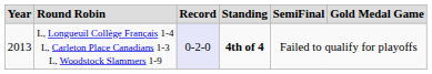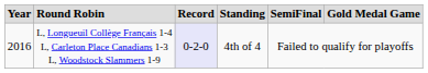 <table class="wikitable">
 <tr style="font-weight:bold; background-color:#dddddd;" |>
 <td>Year</td>
 <td>Round Robin</td>
 <td>Record</td>
 <td>Standing</td>
 <td>SemiFinal</td>
 <td>Gold Medal Game</td>
 </tr>
 <tr align=center>
-<td>2013</td>
+<td>2016</td>
 <td><small>L, <a href='#'>Longueuil Collège Français</a> 1-4<br>L, <a href='#'>Carleton Place Canadians</a> 1-3<br>L, <a href='#'>Woodstock Slammers</a> 1-9</small></td>
 <td style="background: lavender;">0-2-0</td>
-<td><strong>4th of 4</strong></td>
+<td>4th of 4</td>
 <td colspan=2>Failed to qualify for playoffs</td>
 </tr>
 </table>
